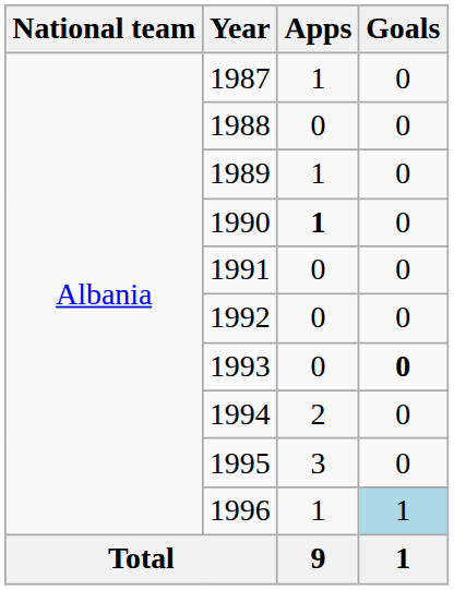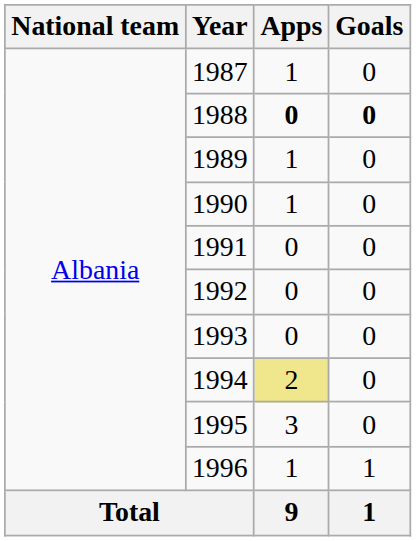 <table class=wikitable style="text-align: center;">
 <tr>
 <th>National team</th>
 <th>Year</th>
 <th>Apps</th>
 <th>Goals</th>
 </tr>
 <tr>
 <td rowspan="10"><a href='#'>Albania</a></td>
 <td>1987</td>
 <td>1</td>
 <td>0</td>
 </tr>
 <tr>
 <td>1988</td>
-<td>0</td>
-<td>0</td>
+<td><strong>0</strong></td>
+<td><strong>0</strong></td>
 </tr>
 <tr>
 <td>1989</td>
 <td>1</td>
 <td>0</td>
 </tr>
 <tr>
 <td>1990</td>
-<td><strong>1</strong></td>
+<td>1</td>
 <td>0</td>
 </tr>
 <tr>
 <td>1991</td>
 <td>0</td>
 <td>0</td>
 </tr>
 <tr>
 <td>1992</td>
 <td>0</td>
 <td>0</td>
 </tr>
 <tr>
 <td>1993</td>
 <td>0</td>
-<td><strong>0</strong></td>
+<td>0</td>
 </tr>
 <tr>
 <td>1994</td>
-<td>2</td>
+<td style="background: khaki;">2</td>
 <td>0</td>
 </tr>
 <tr>
 <td>1995</td>
 <td>3</td>
 <td>0</td>
 </tr>
 <tr>
 <td>1996</td>
 <td>1</td>
-<td style="background: lightblue;">1</td>
+<td>1</td>
 </tr>
 <tr>
 <th colspan=2>Total</th>
 <th>9</th>
 <th>1</th>
 </tr>
 </table>
